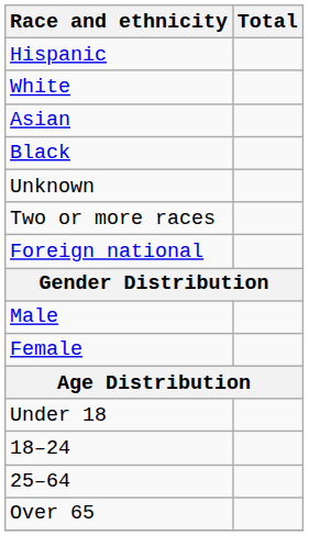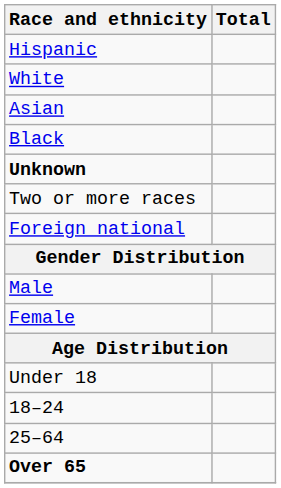 <table class="wikitable floatright sortable collapsible"; text-align:right; font-size:80%;">
 <tr>
 <th>Race and ethnicity</th>
 <th colspan="2" data-sort-type=number>Total</th>
 </tr>
 <tr>
 <td><a href='#'>Hispanic</a></td>
 <td align=right></td>
 </tr>
 <tr>
 <td><a href='#'>White</a></td>
 <td align=right></td>
 </tr>
 <tr>
 <td><a href='#'>Asian</a></td>
 <td align=right></td>
 </tr>
 <tr>
 <td><a href='#'>Black</a></td>
 <td align=right></td>
 </tr>
 <tr>
-<td>Unknown</td>
+<td><strong>Unknown</strong></td>
 <td align=right></td>
 </tr>
 <tr>
 <td>Two or more races</td>
 <td align=right></td>
 </tr>
 <tr>
 <td><a href='#'>Foreign national</a></td>
 <td align=right></td>
 </tr>
 <tr>
 <th colspan="4" data-sort-type=number>Gender Distribution</th>
 </tr>
 <tr>
 <td><a href='#'>Male</a></td>
 <td align=right></td>
 </tr>
 <tr>
 <td><a href='#'>Female</a></td>
 <td align=right></td>
 </tr>
 <tr>
 <th colspan="4" data-sort-type=number>Age Distribution</th>
 </tr>
 <tr>
 <td>Under 18</td>
 <td align=right></td>
 </tr>
 <tr>
 <td>18–24</td>
 <td align=right></td>
 </tr>
 <tr>
 <td>25–64</td>
 <td align=right></td>
 </tr>
 <tr>
-<td>Over 65</td>
+<td><strong>Over 65</strong></td>
 <td align=right></td>
 </tr>
 <tr>
 </tr>
 </table>
